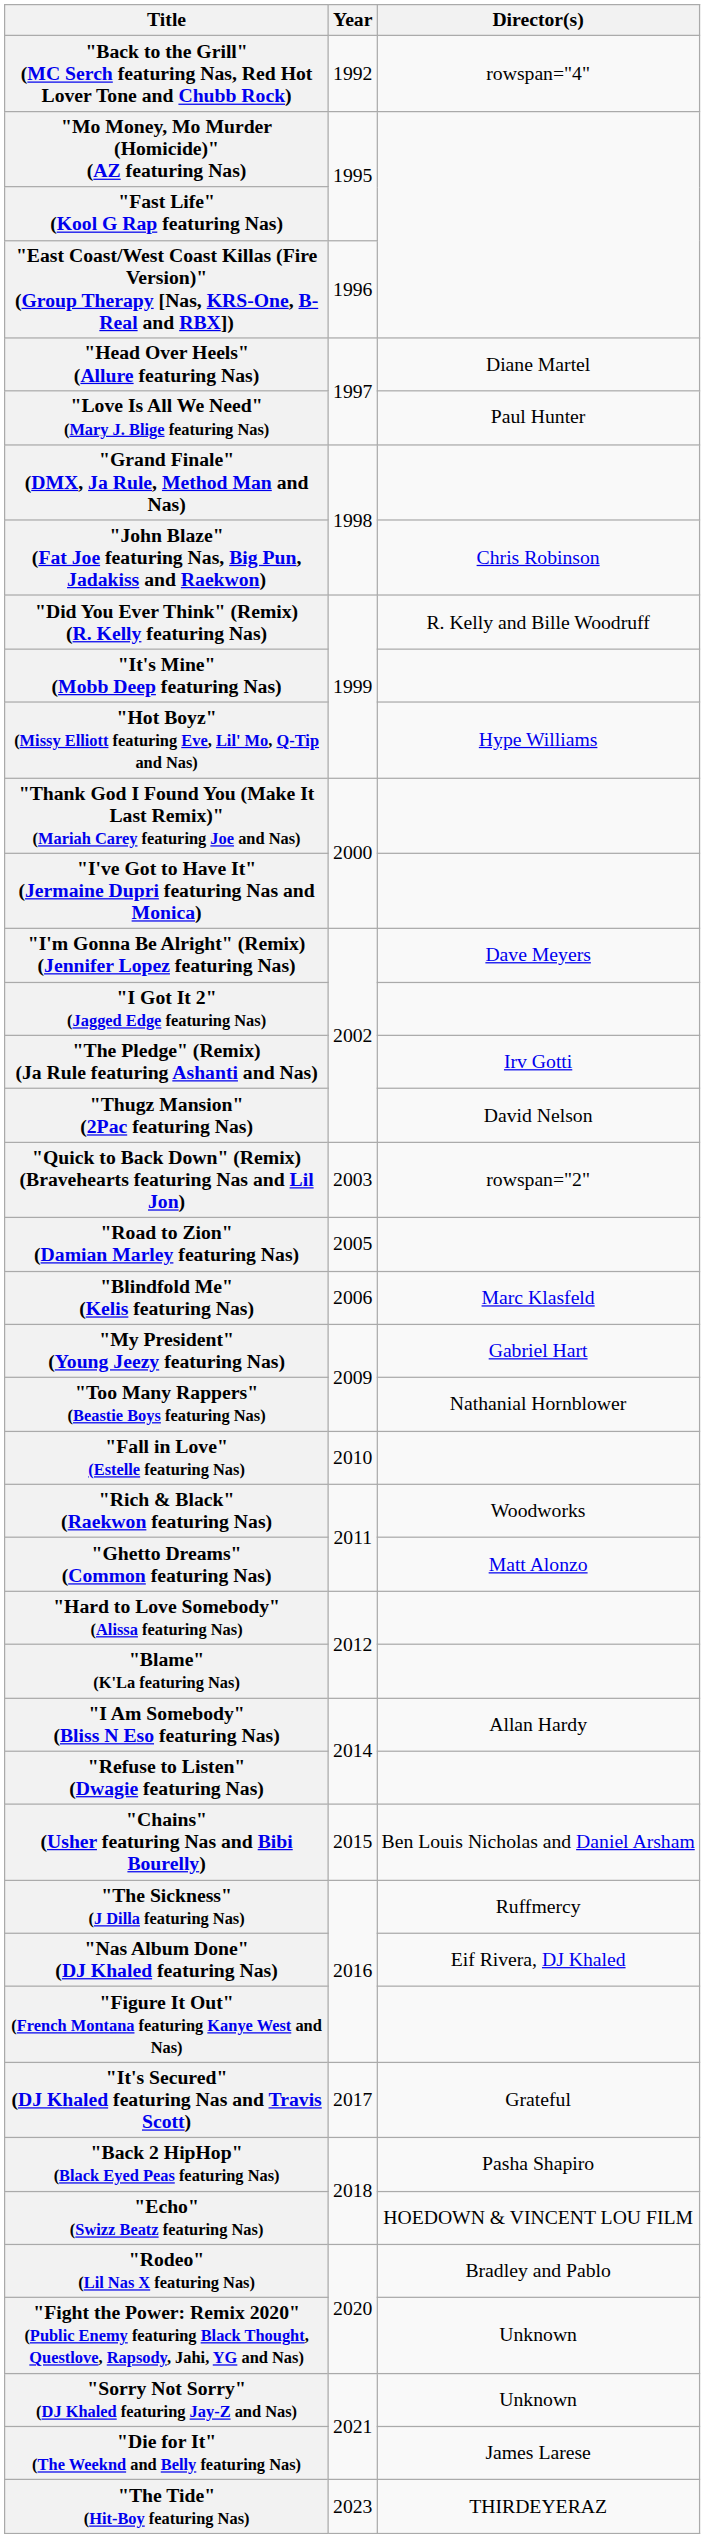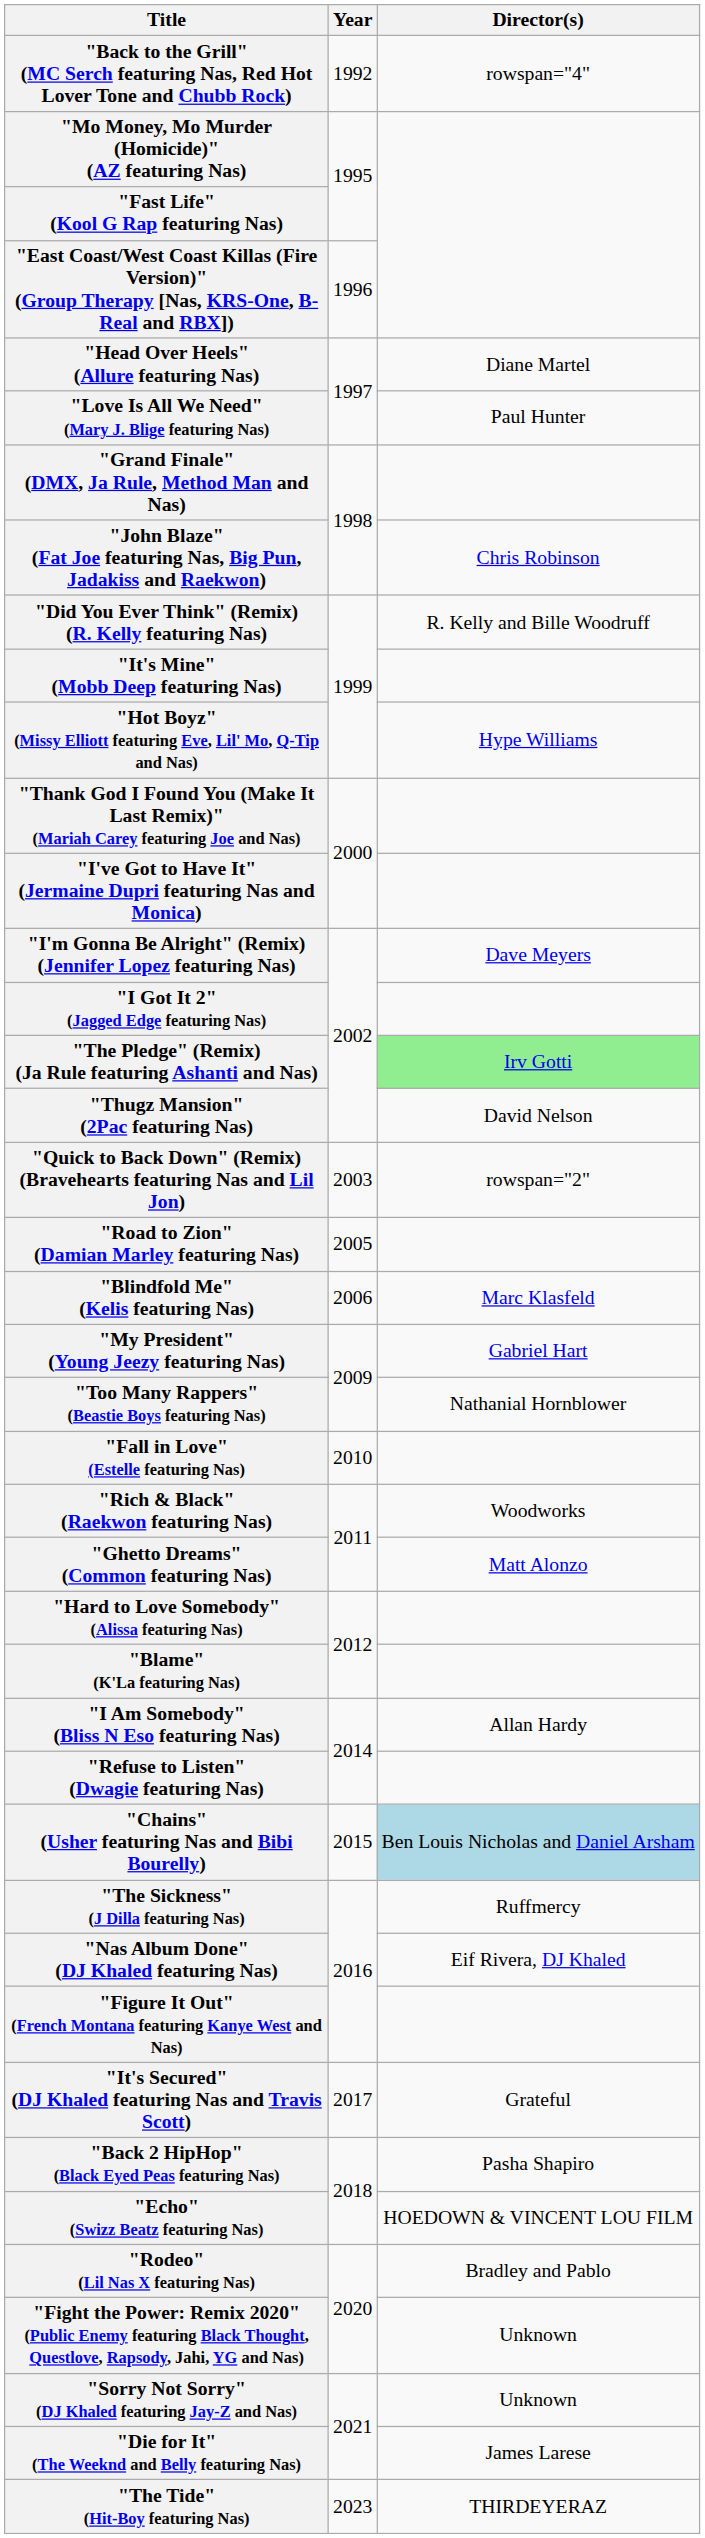 <table class="wikitable plainrowheaders" style="text-align:center;">
 <tr>
 <th scope="col" style="width:16em;">Title</th>
 <th scope="col">Year</th>
 <th scope="col">Director(s)</th>
 </tr>
 <tr>
 <th scope="row">"Back to the Grill"<br><span>(<a href='#'>MC Serch</a> featuring Nas, Red Hot Lover Tone and <a href='#'>Chubb Rock</a>)</span></th>
 <td>1992</td>
 <td>rowspan="4" </td>
 </tr>
 <tr>
 <th scope="row">"Mo Money, Mo Murder (Homicide)"<br><span>(<a href='#'>AZ</a> featuring Nas)</span></th>
 <td rowspan="2">1995</td>
 </tr>
 <tr>
 <th scope="row">"Fast Life"<br><span>(<a href='#'>Kool G Rap</a> featuring Nas)</span></th>
 </tr>
 <tr>
 <th scope="row">"East Coast/West Coast Killas (Fire Version)"<br><span>(<a href='#'>Group Therapy</a> [Nas, <a href='#'>KRS-One</a>, <a href='#'>B-Real</a> and <a href='#'>RBX</a>])</span></th>
 <td>1996</td>
 </tr>
 <tr>
 <th scope="row">"Head Over Heels"<br><span>(<a href='#'>Allure</a> featuring Nas)</span></th>
 <td rowspan="2">1997</td>
 <td>Diane Martel</td>
 </tr>
 <tr>
 <th scope="row">"Love Is All We Need"<br><small>(<a href='#'>Mary J. Blige</a> featuring Nas)</small></th>
 <td>Paul Hunter</td>
 </tr>
 <tr>
 <th scope="row">"Grand Finale"<br><span>(<a href='#'>DMX</a>, <a href='#'>Ja Rule</a>, <a href='#'>Method Man</a> and Nas)</span></th>
 <td rowspan="2">1998</td>
 <td></td>
 </tr>
 <tr>
 <th scope="row">"John Blaze"<br><span>(<a href='#'>Fat Joe</a> featuring Nas, <a href='#'>Big Pun</a>, <a href='#'>Jadakiss</a> and <a href='#'>Raekwon</a>)</span></th>
 <td><a href='#'>Chris Robinson</a></td>
 </tr>
 <tr>
 <th scope="row">"Did You Ever Think" (Remix)<br><span>(<a href='#'>R. Kelly</a> featuring Nas)</span></th>
 <td rowspan="3">1999</td>
 <td>R. Kelly and Bille Woodruff</td>
 </tr>
 <tr>
 <th scope="row">"It's Mine"<br><span>(<a href='#'>Mobb Deep</a> featuring Nas)</span></th>
 <td></td>
 </tr>
 <tr>
 <th scope="row">"Hot Boyz"<br><small>(<a href='#'>Missy Elliott</a> featuring <a href='#'>Eve</a>, <a href='#'>Lil' Mo</a>, <a href='#'>Q-Tip</a> and Nas)</small></th>
 <td><a href='#'>Hype Williams</a></td>
 </tr>
 <tr>
 <th scope="row">"Thank God I Found You (Make It Last Remix)"<br><small>(<a href='#'>Mariah Carey</a> featuring <a href='#'>Joe</a> and Nas)</small></th>
 <td rowspan="2">2000</td>
 <td></td>
 </tr>
 <tr>
 <th scope="row">"I've Got to Have It"<br><span>(<a href='#'>Jermaine Dupri</a> featuring Nas and <a href='#'>Monica</a>)</span></th>
 <td></td>
 </tr>
 <tr>
 <th scope="row">"I'm Gonna Be Alright" (Remix)<br><span>(<a href='#'>Jennifer Lopez</a> featuring Nas)</span></th>
 <td rowspan="4">2002</td>
 <td><a href='#'>Dave Meyers</a></td>
 </tr>
 <tr>
 <th scope="row">"I Got It 2"<br><small>(<a href='#'>Jagged Edge</a> featuring Nas)</small></th>
 <td></td>
 </tr>
 <tr>
 <th scope="row">"The Pledge" (Remix)<br><span>(Ja Rule featuring <a href='#'>Ashanti</a> and Nas)</span></th>
-<td><a href='#'>Irv Gotti</a></td>
+<td style="background: lightgreen;"><a href='#'>Irv Gotti</a></td>
 </tr>
 <tr>
 <th scope="row">"Thugz Mansion"<br><span>(<a href='#'>2Pac</a> featuring Nas)</span></th>
 <td>David Nelson</td>
 </tr>
 <tr>
 <th scope="row">"Quick to Back Down" (Remix)<br><span>(Bravehearts featuring Nas and <a href='#'>Lil Jon</a>)</span></th>
 <td>2003</td>
 <td>rowspan="2" </td>
 </tr>
 <tr>
 <th scope="row">"Road to Zion"<br><span>(<a href='#'>Damian Marley</a> featuring Nas)</span></th>
 <td>2005</td>
 </tr>
 <tr>
 <th scope="row">"Blindfold Me"<br><span>(<a href='#'>Kelis</a> featuring Nas)</span></th>
 <td>2006</td>
 <td><a href='#'>Marc Klasfeld</a></td>
 </tr>
 <tr>
 <th scope="row">"My President"<br><span>(<a href='#'>Young Jeezy</a> featuring Nas)</span></th>
 <td rowspan="2">2009</td>
 <td><a href='#'>Gabriel Hart</a></td>
 </tr>
 <tr>
 <th scope="row">"Too Many Rappers"<br><small>(<a href='#'>Beastie Boys</a> featuring Nas)</small></th>
 <td>Nathanial Hornblower</td>
 </tr>
 <tr>
 <th scope="row">"Fall in Love"<br><small><a href='#'>(Estelle</a> featuring Nas)</small></th>
 <td>2010</td>
 <td></td>
 </tr>
 <tr>
 <th scope="row">"Rich & Black"<br><span>(<a href='#'>Raekwon</a> featuring Nas)</span></th>
 <td rowspan="2">2011</td>
 <td>Woodworks</td>
 </tr>
 <tr>
 <th scope="row">"Ghetto Dreams"<br><span>(<a href='#'>Common</a> featuring Nas)</span></th>
 <td><a href='#'>Matt Alonzo</a></td>
 </tr>
 <tr>
 <th scope="row">"Hard to Love Somebody"<br><small>(<a href='#'>Alissa</a> featuring Nas)</small></th>
 <td rowspan="2">2012</td>
 <td></td>
 </tr>
 <tr>
 <th scope="row">"Blame"<br><small>(K'La featuring Nas)</small></th>
 <td></td>
 </tr>
 <tr>
 <th scope="row">"I Am Somebody"<br><span>(<a href='#'>Bliss N Eso</a> featuring Nas)</span></th>
 <td rowspan="2">2014</td>
 <td>Allan Hardy</td>
 </tr>
 <tr>
 <th scope="row">"Refuse to Listen"<br><span>(<a href='#'>Dwagie</a> featuring Nas)</span></th>
 <td></td>
 </tr>
 <tr>
 <th scope="row">"Chains"<br><span>(<a href='#'>Usher</a> featuring Nas and <a href='#'>Bibi Bourelly</a>)</span></th>
 <td>2015</td>
-<td>Ben Louis Nicholas and <a href='#'>Daniel Arsham</a></td>
+<td style="background: lightblue;">Ben Louis Nicholas and <a href='#'>Daniel Arsham</a></td>
 </tr>
 <tr>
 <th scope="row">"The Sickness"<br><small>(<a href='#'>J Dilla</a> featuring Nas)</small></th>
 <td rowspan="3">2016</td>
 <td>Ruffmercy</td>
 </tr>
 <tr>
 <th scope="row">"Nas Album Done"<br><span>(<a href='#'>DJ Khaled</a> featuring Nas)</span></th>
 <td>Eif Rivera, <a href='#'>DJ Khaled</a></td>
 </tr>
 <tr>
 <th scope="row">"Figure It Out"<br><small>(<a href='#'>French Montana</a> featuring <a href='#'>Kanye West</a> and Nas)</small></th>
 <td></td>
 </tr>
 <tr>
 <th scope="row">"It's Secured"<br><span>(<a href='#'>DJ Khaled</a> featuring Nas and <a href='#'>Travis Scott</a>)</span></th>
 <td>2017</td>
 <td>Grateful</td>
 </tr>
 <tr>
 <th scope="row">"Back 2 HipHop"<br><small>(<a href='#'>Black Eyed Peas</a> featuring Nas)</small></th>
 <td rowspan="2">2018</td>
 <td>Pasha Shapiro</td>
 </tr>
 <tr>
 <th scope="row">"Echo"<br><small>(<a href='#'>Swizz Beatz</a> featuring Nas)</small></th>
 <td>HOEDOWN & VINCENT LOU FILM</td>
 </tr>
 <tr>
 <th scope="row">"Rodeo"<br><small>(<a href='#'>Lil Nas X</a> featuring Nas)</small></th>
 <td rowspan="2">2020</td>
 <td>Bradley and Pablo</td>
 </tr>
 <tr>
 <th scope="row">"Fight the Power: Remix 2020"<br><small>(<a href='#'>Public Enemy</a> featuring <a href='#'>Black Thought</a>, <a href='#'>Questlove</a>, <a href='#'>Rapsody</a>, Jahi, <a href='#'>YG</a> and Nas)</small></th>
 <td>Unknown</td>
 </tr>
 <tr>
 <th scope="row">"Sorry Not Sorry"<br><small>(<a href='#'>DJ Khaled</a> featuring <a href='#'>Jay-Z</a> and Nas)</small></th>
 <td rowspan="2">2021</td>
 <td>Unknown</td>
 </tr>
 <tr>
 <th scope="row">"Die for It"<br><small>(<a href='#'>The Weeknd</a> and <a href='#'>Belly</a> featuring Nas)</small></th>
 <td>James Larese</td>
 </tr>
 <tr>
 <th scope="row">"The Tide"<br><small>(<a href='#'>Hit-Boy</a> featuring Nas)</small></th>
 <td>2023</td>
 <td>THIRDEYERAZ</td>
 </tr>
 </table>
